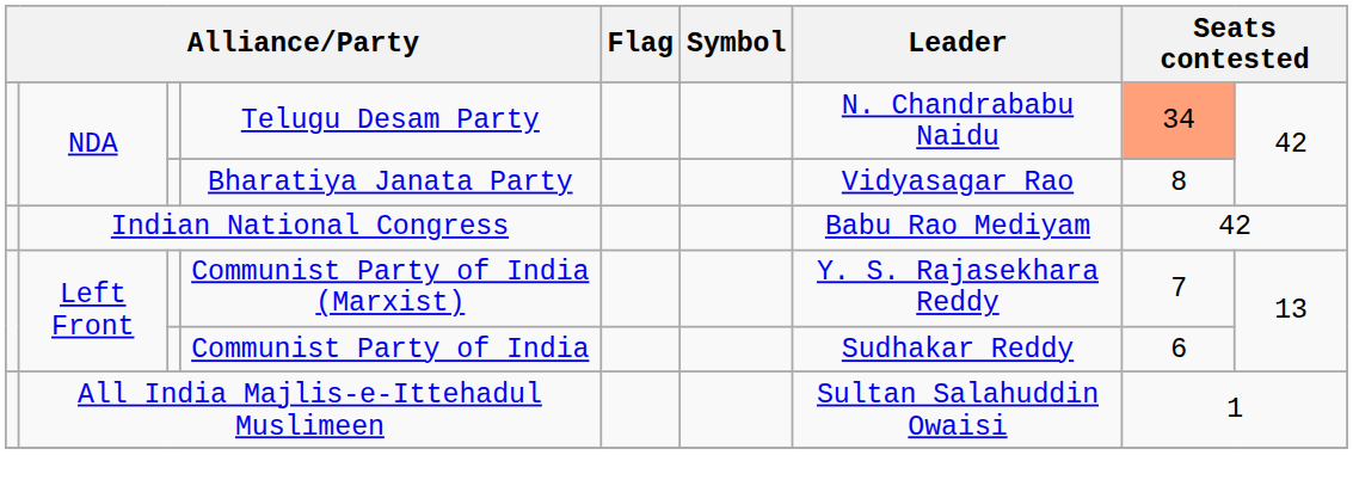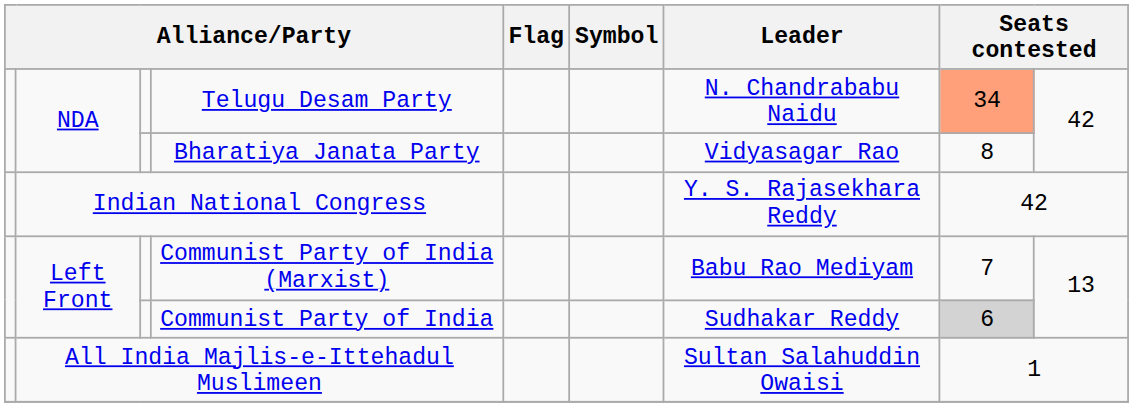 <table class="wikitable sortable" width="50%" style="text-align:center;">
 <tr>
 <th colspan=4>Alliance/Party</th>
 <th>Flag</th>
 <th>Symbol</th>
 <th>Leader</th>
 <th colspan=4>Seats contested</th>
 </tr>
 <tr>
 <td rowspan=2 style="text-align:center; background:"></td>
 <td rowspan=2><a href='#'>NDA</a></td>
 <td style="text-align:center; background:"></td>
 <td><a href='#'>Telugu Desam Party</a></td>
 <td></td>
 <td></td>
 <td><a href='#'>N. Chandrababu Naidu</a></td>
 <td style="background: lightsalmon;">34</td>
 <td rowspan=2>42</td>
 </tr>
 <tr>
 <td style="text-align:center; background:"></td>
 <td><a href='#'>Bharatiya Janata Party</a></td>
 <td></td>
 <td></td>
 <td><a href='#'>Vidyasagar Rao</a></td>
 <td>8</td>
 </tr>
 <tr>
 <td style="text-align:center; background:"></td>
 <td colspan=3><a href='#'>Indian National Congress</a></td>
 <td></td>
 <td></td>
-<td><a href='#'>Babu Rao Mediyam</a></td>
+<td><a href='#'>Y. S. Rajasekhara Reddy</a></td>
 <td colspan=3>42</td>
 </tr>
 <tr>
 <td rowspan=2 style="text-align:center;background:"></td>
 <td rowspan=2><a href='#'>Left Front</a></td>
 <td style="text-align:center; background:"></td>
 <td><a href='#'>Communist Party of India (Marxist)</a></td>
 <td></td>
 <td></td>
-<td><a href='#'>Y. S. Rajasekhara Reddy</a></td>
+<td><a href='#'>Babu Rao Mediyam</a></td>
 <td>7</td>
 <td rowspan=2>13</td>
 </tr>
 <tr>
 <td style="text-align:center; background:"></td>
 <td><a href='#'>Communist Party of India</a></td>
 <td></td>
 <td></td>
 <td><a href='#'>Sudhakar Reddy</a></td>
-<td>6</td>
+<td style="background: lightgrey;">6</td>
 </tr>
 <tr>
 <td style="text-align:center; background:"></td>
 <td colspan=3><a href='#'>All India Majlis-e-Ittehadul Muslimeen</a></td>
 <td></td>
 <td></td>
 <td><a href='#'>Sultan Salahuddin Owaisi</a></td>
 <td colspan=3>1</td>
 </tr>
 <tr>
 </tr>
 </table>
